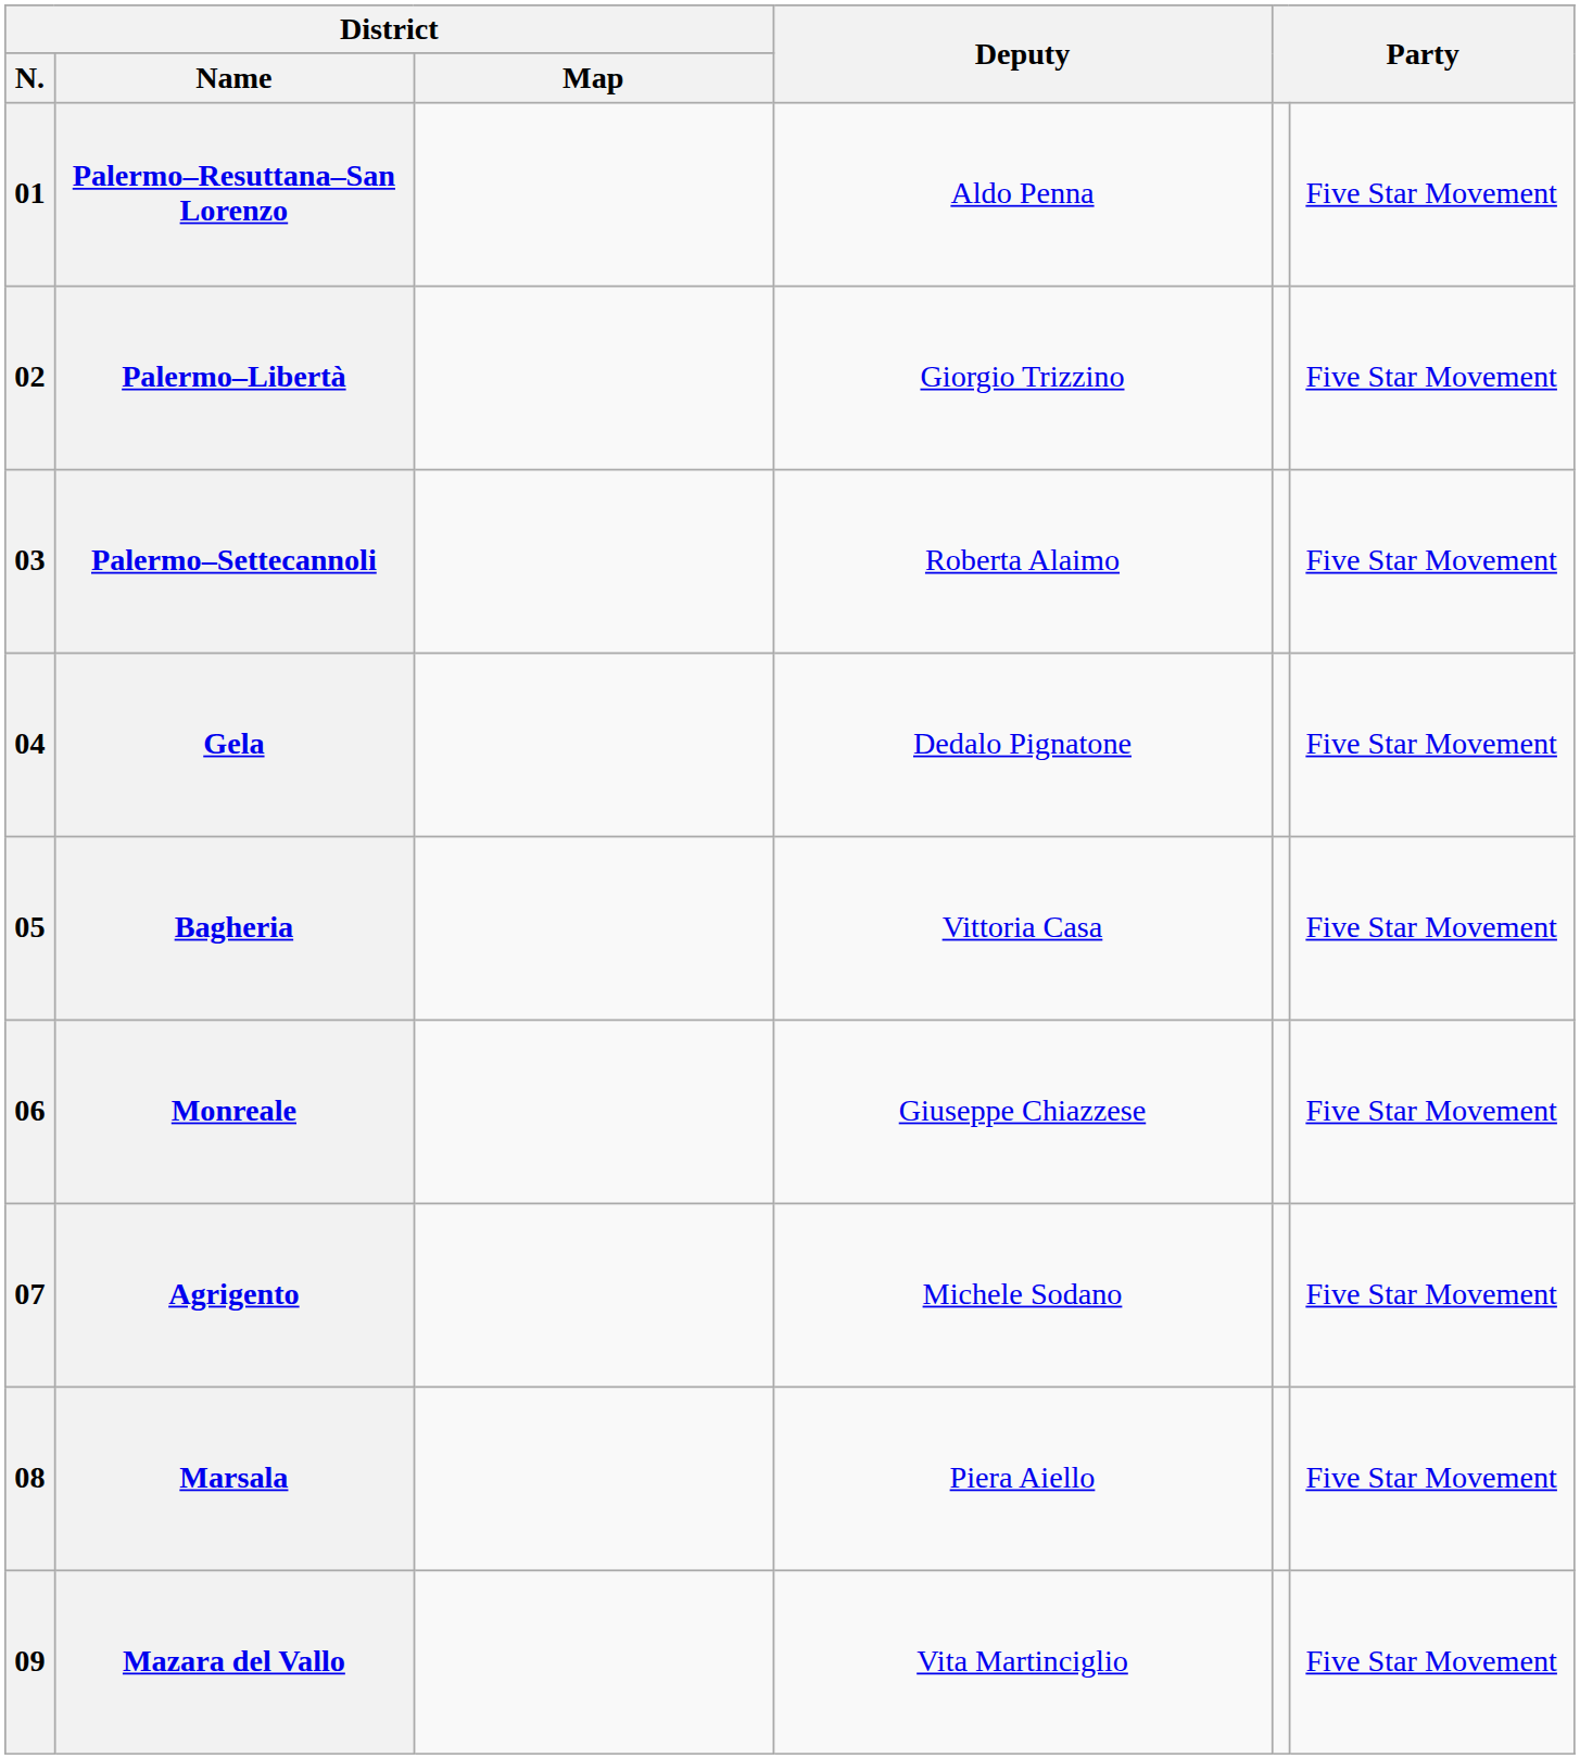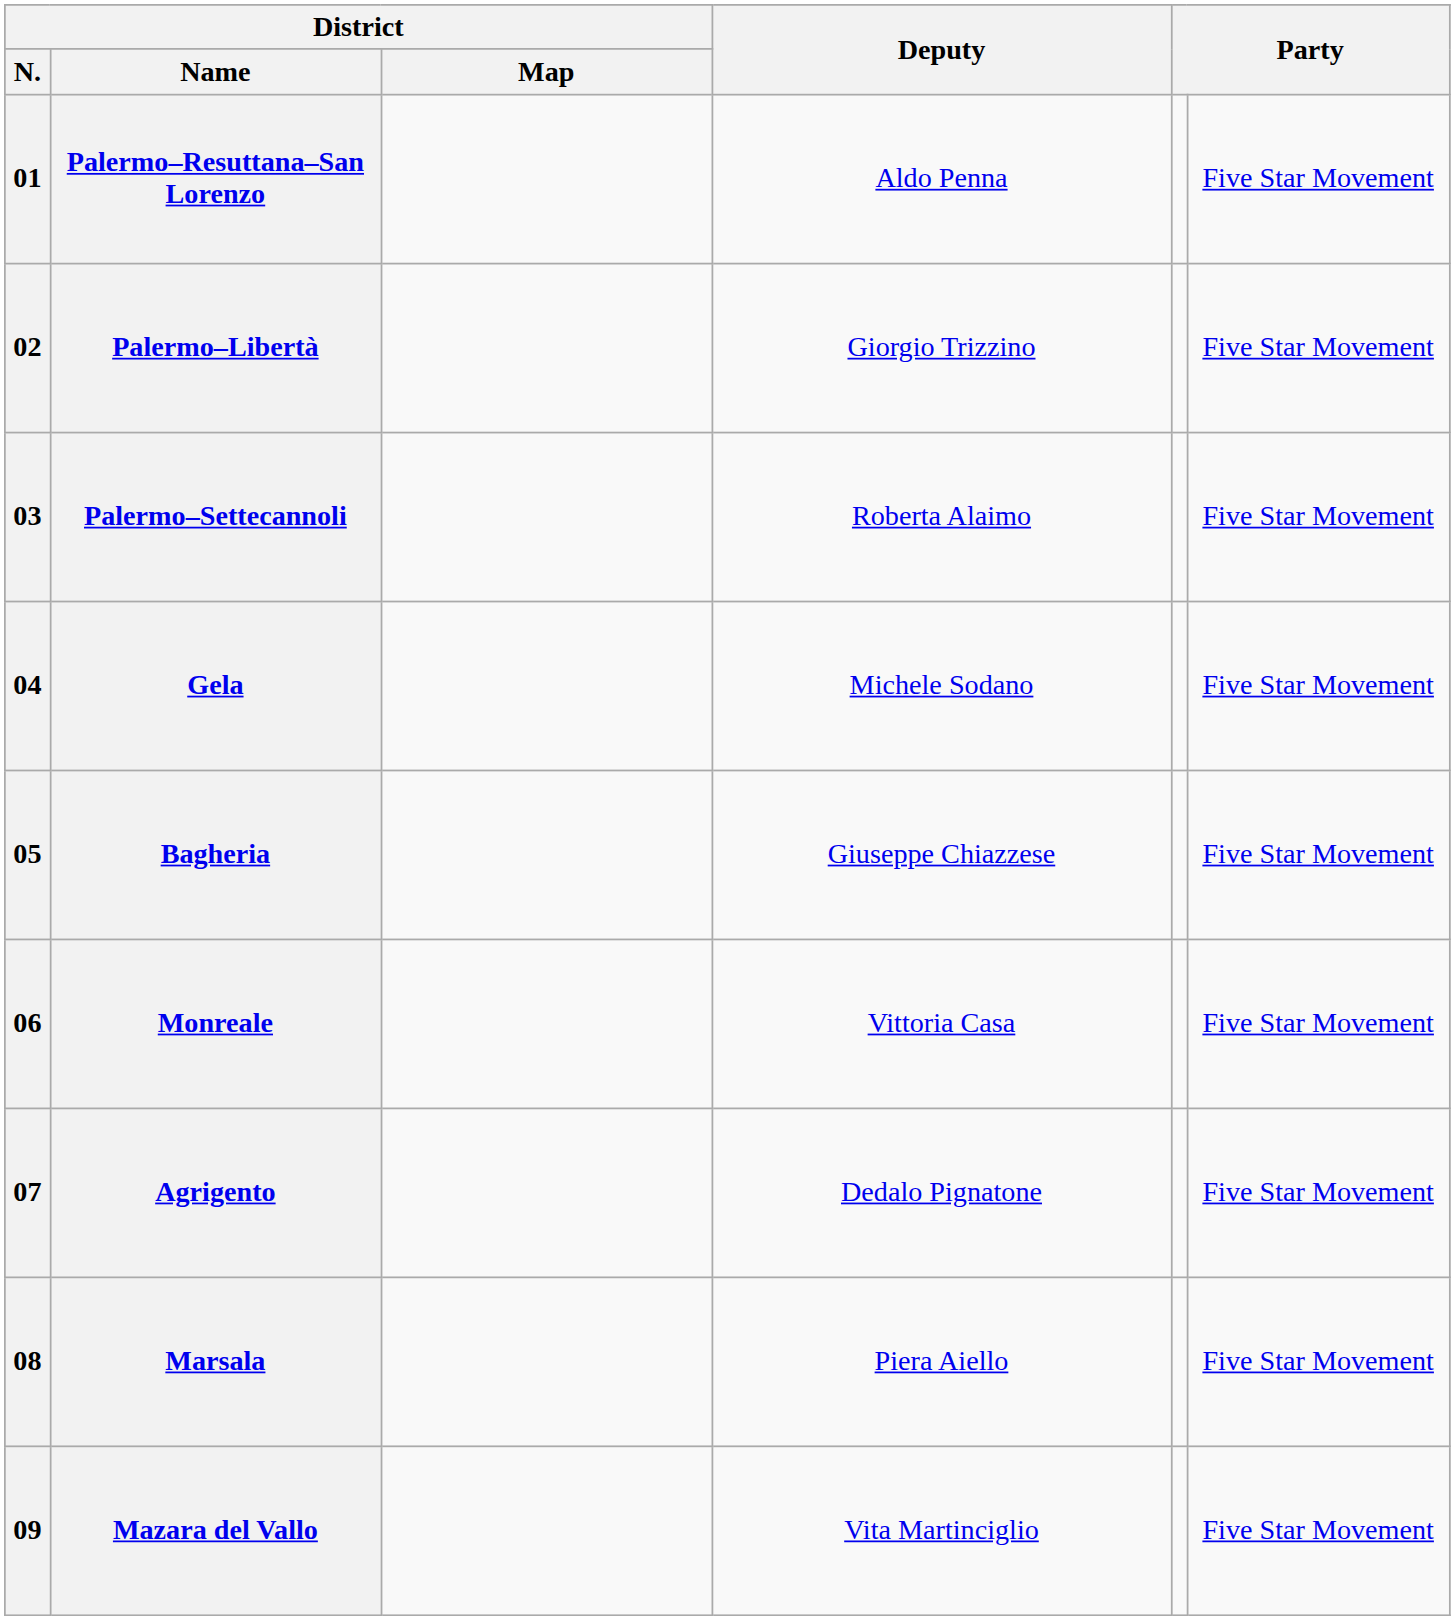 <table class="wikitable" style="text-align:center; style="width=65%">
 <tr>
 <th width=35% colspan="3">District</th>
 <th width=25% rowspan="2">Deputy</th>
 <th width=15% colspan="2" rowspan="2">Party</th>
 </tr>
 <tr>
 <th width=1%>N.</th>
 <th width=18%>Name</th>
 <th width=18%>Map</th>
 </tr>
 <tr style="height:6em;">
 <th>01</th>
 <th><a href='#'>Palermo–Resuttana–San Lorenzo</a></th>
 <td></td>
 <td><a href='#'>Aldo Penna</a></td>
 <td style="background:"></td>
 <td><a href='#'>Five Star Movement</a></td>
 </tr>
 <tr style="height:6em;">
 <th>02</th>
 <th><a href='#'>Palermo–Libertà</a></th>
 <td></td>
 <td><a href='#'>Giorgio Trizzino</a></td>
 <td style="background:"></td>
 <td colspan=3><a href='#'>Five Star Movement</a></td>
 </tr>
 <tr style="height:6em;">
 <th>03</th>
 <th><a href='#'>Palermo–Settecannoli</a></th>
 <td></td>
 <td><a href='#'>Roberta Alaimo</a></td>
 <td style="background:"></td>
 <td colspan=3><a href='#'>Five Star Movement</a></td>
 </tr>
 <tr style="height:6em;">
 <th>04</th>
 <th><a href='#'>Gela</a></th>
 <td></td>
-<td><a href='#'>Dedalo Pignatone</a></td>
+<td><a href='#'>Michele Sodano</a></td>
 <td style="background:"></td>
 <td colspan=3><a href='#'>Five Star Movement</a></td>
 </tr>
 <tr style="height:6em;">
 <th>05</th>
 <th><a href='#'>Bagheria</a></th>
 <td></td>
-<td><a href='#'>Vittoria Casa</a></td>
+<td><a href='#'>Giuseppe Chiazzese</a></td>
 <td style="background:"></td>
 <td colspan=3><a href='#'>Five Star Movement</a></td>
 </tr>
 <tr style="height:6em;">
 <th>06</th>
 <th><a href='#'>Monreale</a></th>
 <td></td>
-<td><a href='#'>Giuseppe Chiazzese</a></td>
+<td><a href='#'>Vittoria Casa</a></td>
 <td style="background:"></td>
 <td colspan=3><a href='#'>Five Star Movement</a></td>
 </tr>
 <tr style="height:6em;">
 <th>07</th>
 <th><a href='#'>Agrigento</a></th>
 <td></td>
-<td><a href='#'>Michele Sodano</a></td>
+<td><a href='#'>Dedalo Pignatone</a></td>
 <td style="background:"></td>
 <td colspan=3><a href='#'>Five Star Movement</a></td>
 </tr>
 <tr style="height:6em;">
 <th>08</th>
 <th><a href='#'>Marsala</a></th>
 <td></td>
 <td><a href='#'>Piera Aiello</a></td>
 <td style="background:"></td>
 <td colspan=3><a href='#'>Five Star Movement</a></td>
 </tr>
 <tr style="height:6em;">
 <th>09</th>
 <th><a href='#'>Mazara del Vallo</a></th>
 <td></td>
 <td><a href='#'>Vita Martinciglio</a></td>
 <td style="background:"></td>
 <td colspan=3><a href='#'>Five Star Movement</a></td>
 </tr>
 </table>
